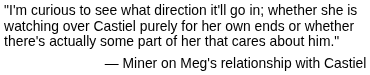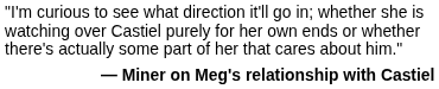 <table class="toccolours" style="float: left; margin-left: 0em; margin-right: 1em; font-size: 85%; width:27em; max-width: 40%;" cellspacing="5">
 <tr>
 <td style="text-align: left;">"I'm curious to see what direction it'll go in; whether she is watching over Castiel purely for her own ends or whether there's actually some part of her that cares about him."</td>
 </tr>
 <tr>
-<td style="text-align: right;"> — Miner on Meg's relationship with Castiel</td>
+<td style="text-align: right;"><strong> — Miner on Meg's relationship with Castiel</strong></td>
 </tr>
 </table>
